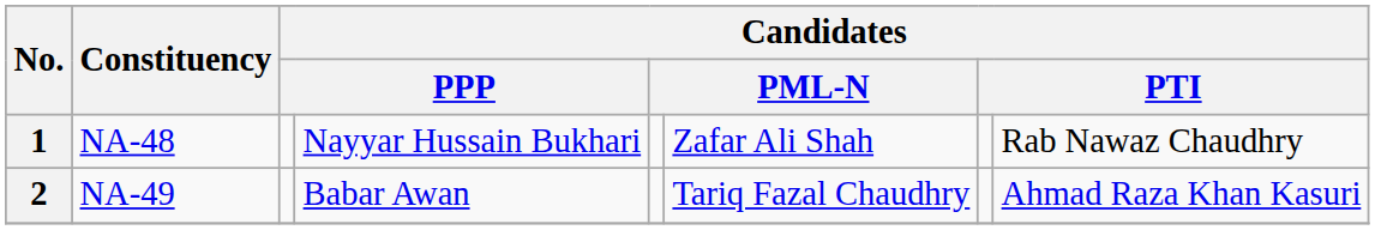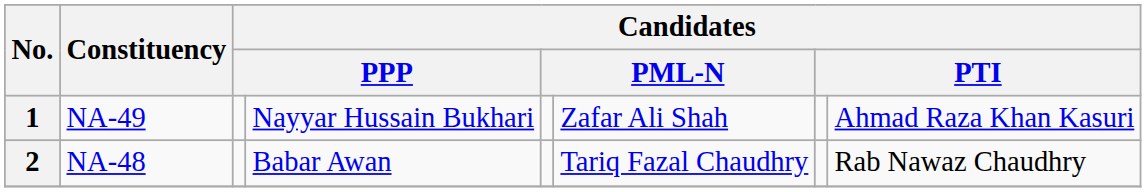 <table class="wikitable sortable">
 <tr>
 <th rowspan="2">No.</th>
 <th rowspan="2">Constituency</th>
 <th colspan="6">Candidates</th>
 </tr>
 <tr>
 <th colspan="2"><a href='#'>PPP</a></th>
 <th colspan="2"><a href='#'>PML-N</a></th>
 <th colspan="2"><a href='#'>PTI</a></th>
 </tr>
 <tr>
 <th>1</th>
-<td><a href='#'>NA-48</a></td>
+<td><a href='#'>NA-49</a></td>
 <td style="color:inherit;background:"></td>
 <td><a href='#'>Nayyar Hussain Bukhari</a></td>
 <td style="color:inherit;background:"></td>
 <td><a href='#'>Zafar Ali Shah</a></td>
 <td style="color:inherit;background:"></td>
-<td>Rab Nawaz Chaudhry</td>
+<td><a href='#'>Ahmad Raza Khan Kasuri</a></td>
 </tr>
 <tr>
 <th>2</th>
-<td><a href='#'>NA-49</a></td>
+<td><a href='#'>NA-48</a></td>
 <td style="color:inherit;background:"></td>
 <td><a href='#'>Babar Awan</a></td>
 <td style="color:inherit;background:"></td>
 <td><a href='#'>Tariq Fazal Chaudhry</a></td>
 <td style="color:inherit;background:"></td>
-<td><a href='#'>Ahmad Raza Khan Kasuri</a></td>
+<td>Rab Nawaz Chaudhry</td>
 </tr>
 <tr>
 </tr>
 </table>
